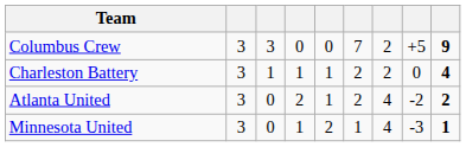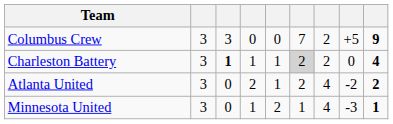 <table class="wikitable" style="text-align: center;">
 <tr>
 <th width="200">Team</th>
 <th width="20"></th>
 <th width="20"></th>
 <th width="20"></th>
 <th width="20"></th>
 <th width="20"></th>
 <th width="20"></th>
 <th width="20"></th>
 <th width="20"></th>
 </tr>
 <tr>
 <td style="text-align:left;"><a href='#'>Columbus Crew</a></td>
 <td>3</td>
 <td>3</td>
 <td>0</td>
 <td>0</td>
 <td>7</td>
 <td>2</td>
 <td>+5</td>
 <td><strong>9</strong></td>
 </tr>
 <tr>
 <td style="text-align:left;"><a href='#'>Charleston Battery</a></td>
 <td>3</td>
+<td><strong>1</strong></td>
 <td>1</td>
 <td>1</td>
-<td>1</td>
-<td>2</td>
+<td style="background: lightgrey;">2</td>
 <td>2</td>
 <td>0</td>
 <td><strong>4</strong></td>
 </tr>
 <tr>
 <td style="text-align:left;"><a href='#'>Atlanta United</a></td>
 <td>3</td>
 <td>0</td>
 <td>2</td>
 <td>1</td>
 <td>2</td>
 <td>4</td>
 <td>-2</td>
 <td><strong>2</strong></td>
 </tr>
 <tr>
 <td style="text-align:left;"><a href='#'>Minnesota United</a></td>
 <td>3</td>
 <td>0</td>
 <td>1</td>
 <td>2</td>
 <td>1</td>
 <td>4</td>
 <td>-3</td>
 <td><strong>1</strong></td>
 </tr>
 </table>
